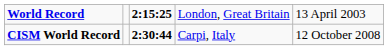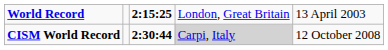 <table class="wikitable">
 <tr>
 <td><strong><a href='#'>World Record</a></strong></td>
 <td></td>
 <td><strong>2:15:25</strong></td>
 <td><a href='#'>London</a>, <a href='#'>Great Britain</a></td>
 <td>13 April 2003</td>
 </tr>
 <tr>
 <td><strong><a href='#'>CISM</a> World Record</strong></td>
 <td></td>
 <td><strong>2:30:44</strong></td>
-<td><a href='#'>Carpi</a>, <a href='#'>Italy</a></td>
+<td style="background: lightgrey;"><a href='#'>Carpi</a>, <a href='#'>Italy</a></td>
 <td>12 October 2008</td>
 </tr>
 </table>
